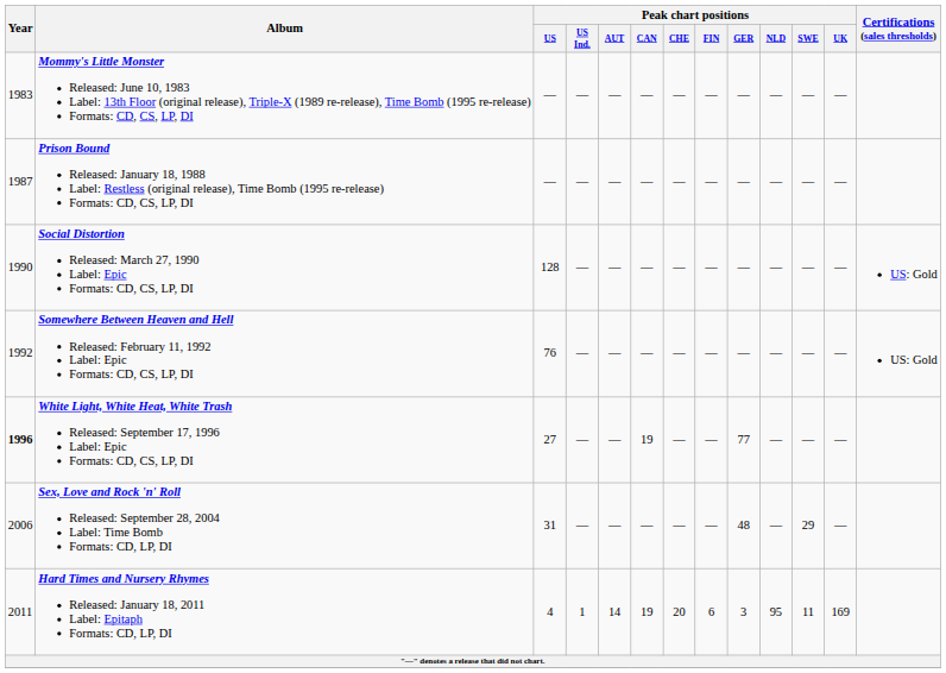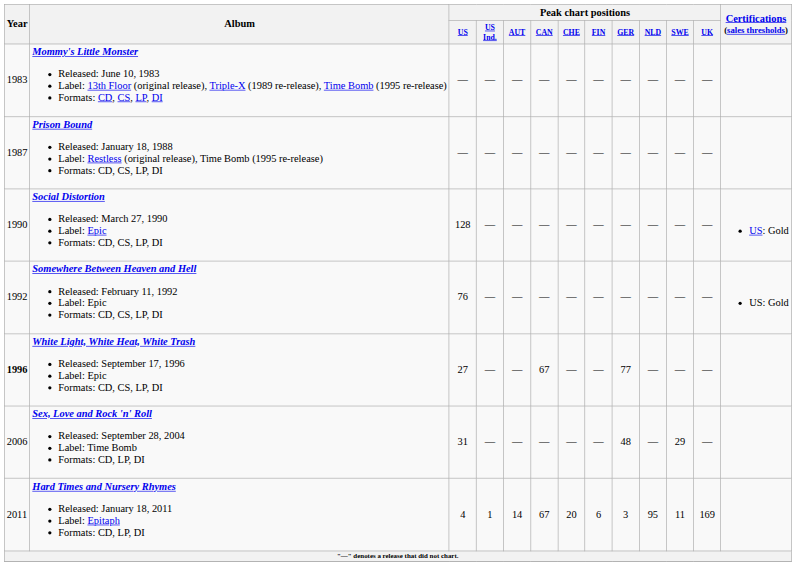 <table class="wikitable">
 <tr>
 <th rowspan="2">Year</th>
 <th rowspan="2">Album</th>
 <th colspan="10">Peak chart positions</th>
 <th rowspan="2"><a href='#'>Certifications</a><br><small>(<a href='#'>sales thresholds</a>)</small></th>
 </tr>
 <tr>
 <th style="width:3em;font-size:75%"><a href='#'>US</a><br></th>
 <th style="width:3em;font-size:75%"><a href='#'>US<br>Ind.</a><br></th>
 <th style="width:3em;font-size:75%"><a href='#'>AUT</a><br></th>
 <th style="width:3em;font-size:75%"><a href='#'>CAN</a><br></th>
 <th style="width:3em;font-size:75%"><a href='#'>CHE</a><br></th>
 <th style="width:3em;font-size:75%"><a href='#'>FIN</a><br></th>
 <th style="width:3em;font-size:75%"><a href='#'>GER</a><br></th>
 <th style="width:3em;font-size:75%"><a href='#'>NLD</a><br></th>
 <th style="width:3em;font-size:75%"><a href='#'>SWE</a><br></th>
 <th style="width:3em;font-size:75%"><a href='#'>UK</a></th>
 </tr>
 <tr>
 <td>1983</td>
 <td><strong><em><a href='#'>Mommy's Little Monster</a></em></strong><br><ul><li>Released: June 10, 1983</li><li>Label: <a href='#'>13th Floor</a> (original release), <a href='#'>Triple-X</a> (1989 re-release), <a href='#'>Time Bomb</a> (1995 re-release)</li><li>Formats: <a href='#'>CD</a>, <a href='#'>CS</a>, <a href='#'>LP</a>, <a href='#'>DI</a></li></ul></td>
 <td align="center">—</td>
 <td align="center">—</td>
 <td align="center">—</td>
 <td align="center">—</td>
 <td align="center">—</td>
 <td align="center">—</td>
 <td align="center">—</td>
 <td align="center">—</td>
 <td align="center">—</td>
 <td align="center">—</td>
 <td></td>
 </tr>
 <tr>
 <td>1987</td>
 <td><strong><em><a href='#'>Prison Bound</a></em></strong><br><ul><li>Released: January 18, 1988</li><li>Label: <a href='#'>Restless</a> (original release), Time Bomb (1995 re-release)</li><li>Formats: CD, CS, LP, DI</li></ul></td>
 <td align="center">—</td>
 <td align="center">—</td>
 <td align="center">—</td>
 <td align="center">—</td>
 <td align="center">—</td>
 <td align="center">—</td>
 <td align="center">—</td>
 <td align="center">—</td>
 <td align="center">—</td>
 <td align="center">—</td>
 <td></td>
 </tr>
 <tr>
 <td>1990</td>
 <td><strong><em><a href='#'>Social Distortion</a></em></strong><br><ul><li>Released: March 27, 1990</li><li>Label: <a href='#'>Epic</a></li><li>Formats: CD, CS, LP, DI</li></ul></td>
 <td align="center">128</td>
 <td align="center">—</td>
 <td align="center">—</td>
 <td align="center">—</td>
 <td align="center">—</td>
 <td align="center">—</td>
 <td align="center">—</td>
 <td align="center">—</td>
 <td align="center">—</td>
 <td align="center">—</td>
 <td><br><ul><li><a href='#'>US</a>: Gold</li></ul></td>
 </tr>
 <tr>
 <td>1992</td>
 <td><strong><em><a href='#'>Somewhere Between Heaven and Hell</a></em></strong><br><ul><li>Released: February 11, 1992</li><li>Label: Epic</li><li>Formats: CD, CS, LP, DI</li></ul></td>
 <td align="center">76</td>
 <td align="center">—</td>
 <td align="center">—</td>
 <td align="center">—</td>
 <td align="center">—</td>
 <td align="center">—</td>
 <td align="center">—</td>
 <td align="center">—</td>
 <td align="center">—</td>
 <td align="center">—</td>
 <td><br><ul><li>US: Gold</li></ul></td>
 </tr>
 <tr>
 <td><strong>1996</strong></td>
 <td><strong><em><a href='#'>White Light, White Heat, White Trash</a></em></strong><br><ul><li>Released: September 17, 1996</li><li>Label: Epic</li><li>Formats: CD, CS, LP, DI</li></ul></td>
 <td align="center">27</td>
 <td align="center">—</td>
 <td align="center">—</td>
-<td align="center">19</td>
+<td align="center">67</td>
 <td align="center">—</td>
 <td align="center">—</td>
 <td align="center">77</td>
 <td align="center">—</td>
 <td align="center">—</td>
 <td align="center">—</td>
 <td></td>
 </tr>
 <tr>
 <td>2006</td>
 <td><strong><em><a href='#'>Sex, Love and Rock 'n' Roll</a></em></strong><br><ul><li>Released: September 28, 2004</li><li>Label: Time Bomb</li><li>Formats: CD, LP, DI</li></ul></td>
 <td align="center">31</td>
 <td align="center">—</td>
 <td align="center">—</td>
 <td align="center">—</td>
 <td align="center">—</td>
 <td align="center">—</td>
 <td align="center">48</td>
 <td align="center">—</td>
 <td align="center">29</td>
 <td align="center">—</td>
 <td></td>
 </tr>
 <tr>
 <td>2011</td>
 <td><strong><em><a href='#'>Hard Times and Nursery Rhymes</a></em></strong><br><ul><li>Released: January 18, 2011</li><li>Label: <a href='#'>Epitaph</a></li><li>Formats: CD, LP, DI</li></ul></td>
 <td align="center">4</td>
 <td align="center">1</td>
 <td align="center">14</td>
-<td align="center">19</td>
+<td align="center">67</td>
 <td align="center">20</td>
 <td align="center">6</td>
 <td align="center">3</td>
 <td align="center">95</td>
 <td align="center">11</td>
 <td align="center">169<br></td>
 <td></td>
 </tr>
 <tr>
 <th align="center" colspan="16" style="font-size: 8pt">"—" denotes a release that did not chart.</th>
 </tr>
 <tr>
 </tr>
 </table>
